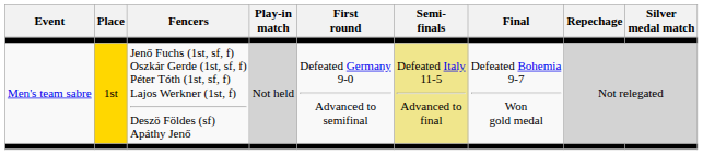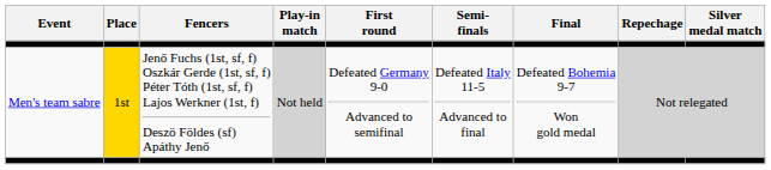 <table class=wikitable>
 <tr>
 <th>Event</th>
 <th>Place</th>
 <th>Fencers</th>
 <th>Play-in <br> match</th>
 <th>First <br> round</th>
 <th>Semi-<br>finals</th>
 <th>Final</th>
 <th>Repechage</th>
 <th>Silver <br> medal match</th>
 </tr>
 <tr bgcolor=black>
 <td></td>
 <td></td>
 <td></td>
 <td></td>
 <td></td>
 <td></td>
 <td></td>
 <td></td>
 <td></td>
 </tr>
 <tr align=center>
 <td align=left><a href='#'>Men's team sabre</a></td>
 <td bgcolor=gold>1st</td>
 <td align=left>Jenő Fuchs (1st, sf, f) <br> Oszkár Gerde (1st, sf, f) <br> Péter Tóth (1st, sf, f) <br> Lajos Werkner (1st, f) <hr> Deszö Földes (sf) <br> Apáthy Jenő</td>
 <td bgcolor=lightgray>Not held</td>
 <td>Defeated <a href='#'>Germany</a> <br> 9-0 <hr> Advanced to <br> semifinal</td>
-<td style="background: khaki;">Defeated <a href='#'>Italy</a> <br> 11-5 <hr> Advanced to <br> final</td>
+<td>Defeated <a href='#'>Italy</a> <br> 11-5 <hr> Advanced to <br> final</td>
 <td>Defeated <a href='#'>Bohemia</a> <br> 9-7 <hr> Won <br> gold medal</td>
 <td colspan=2 bgcolor=lightgray>Not relegated</td>
 </tr>
 <tr bgcolor=black>
 <td></td>
 <td></td>
 <td></td>
 <td></td>
 <td></td>
 <td></td>
 <td></td>
 <td></td>
 <td></td>
 </tr>
 </table>
